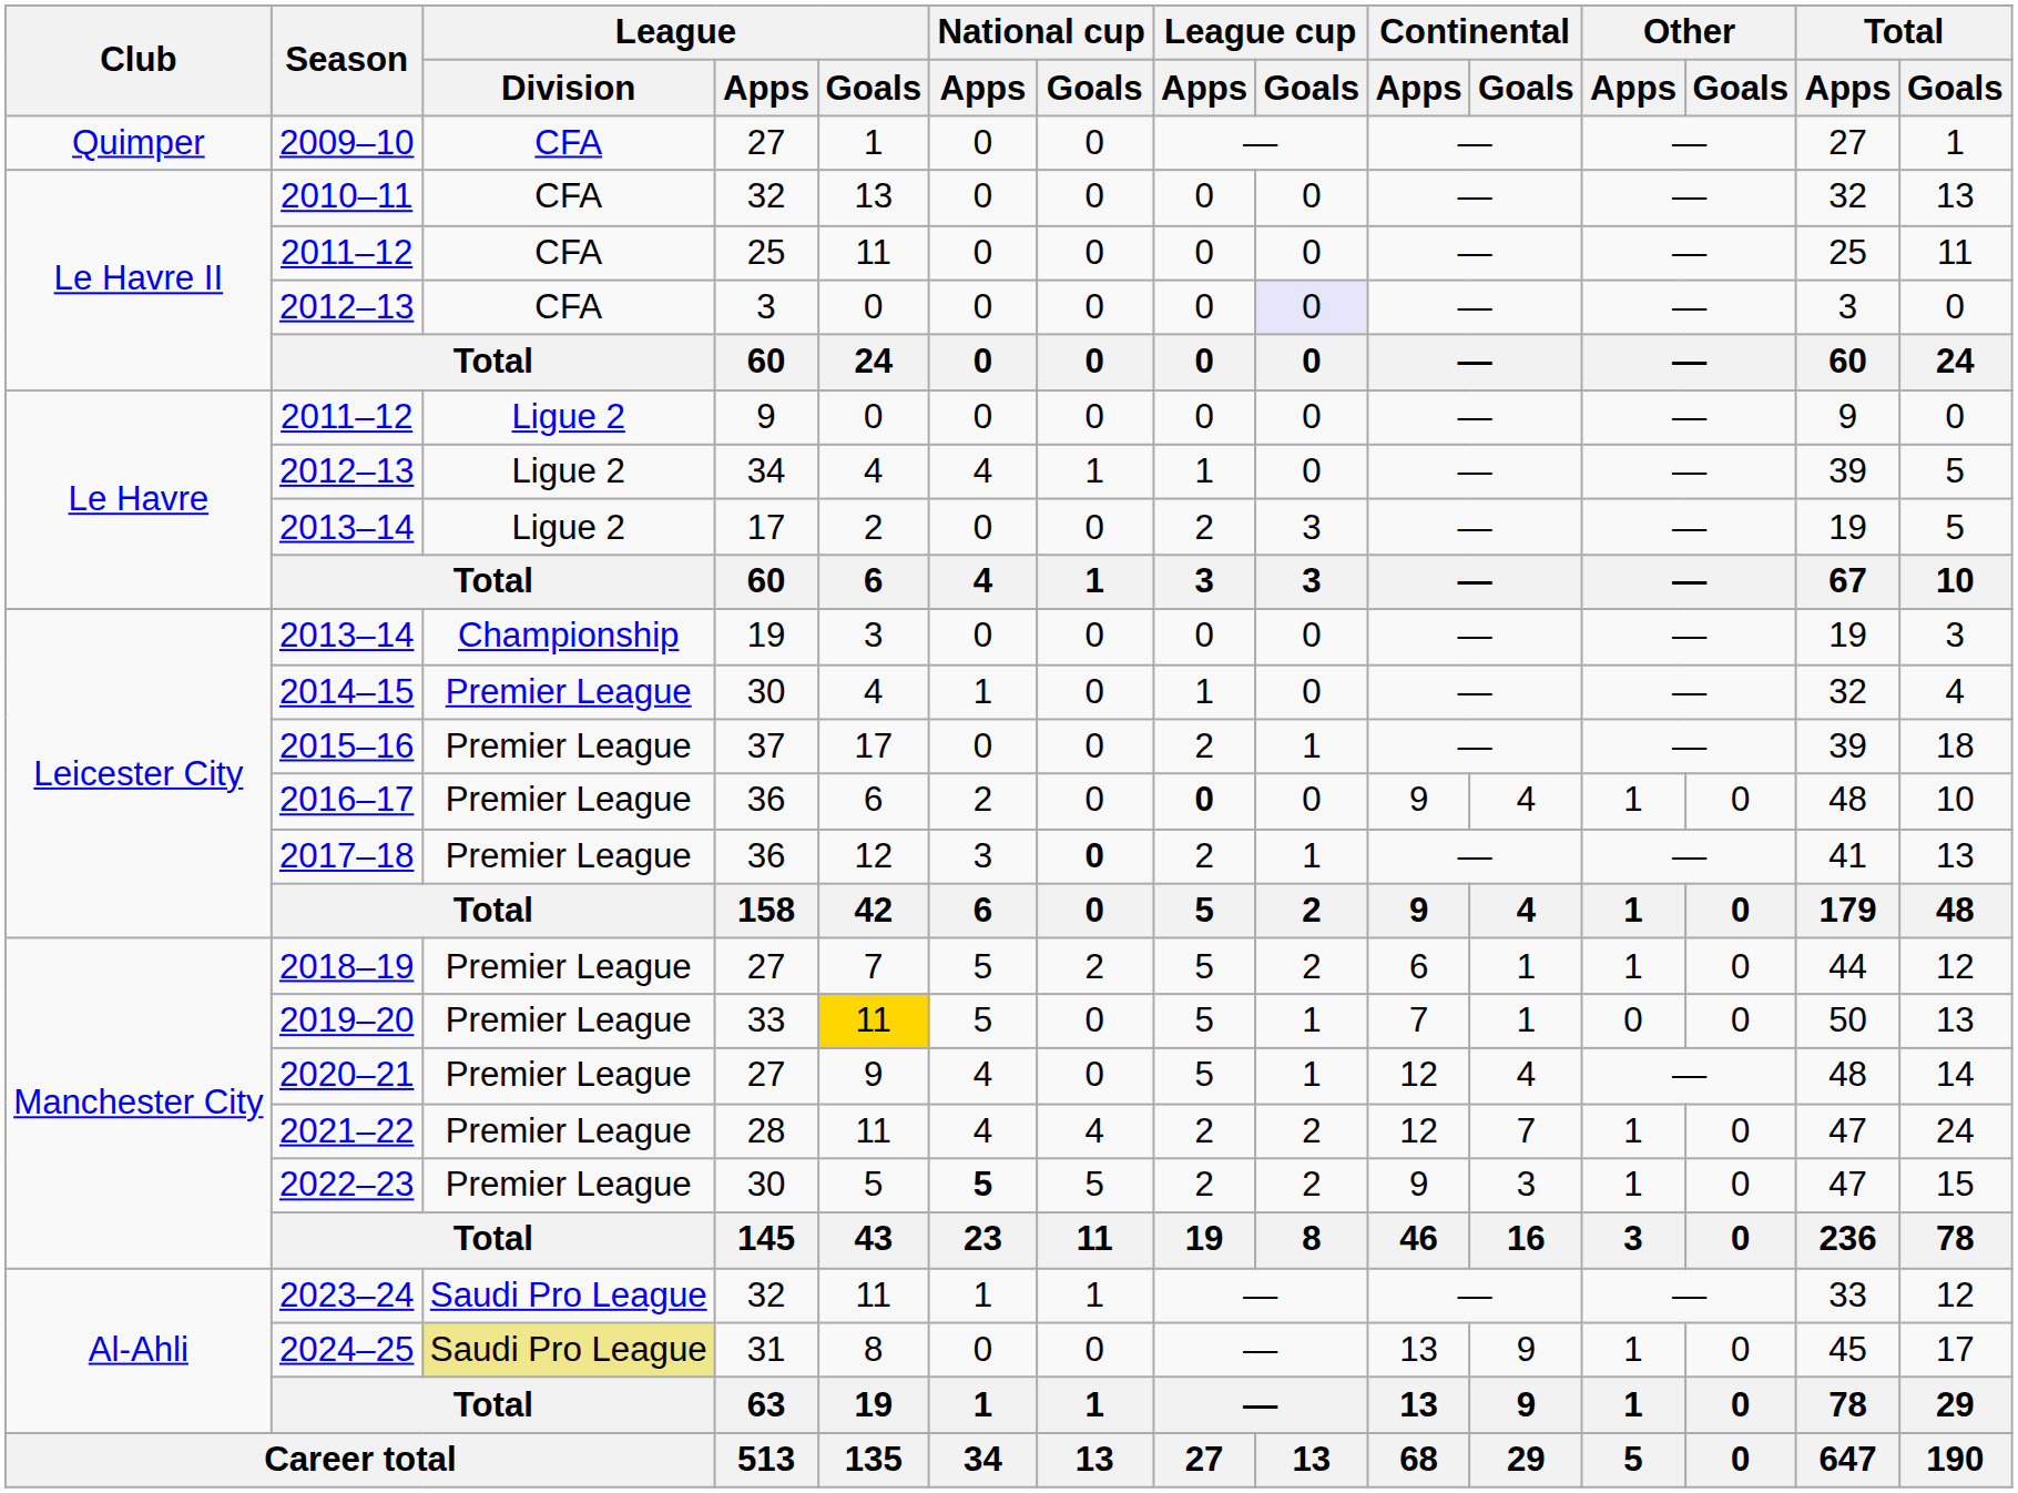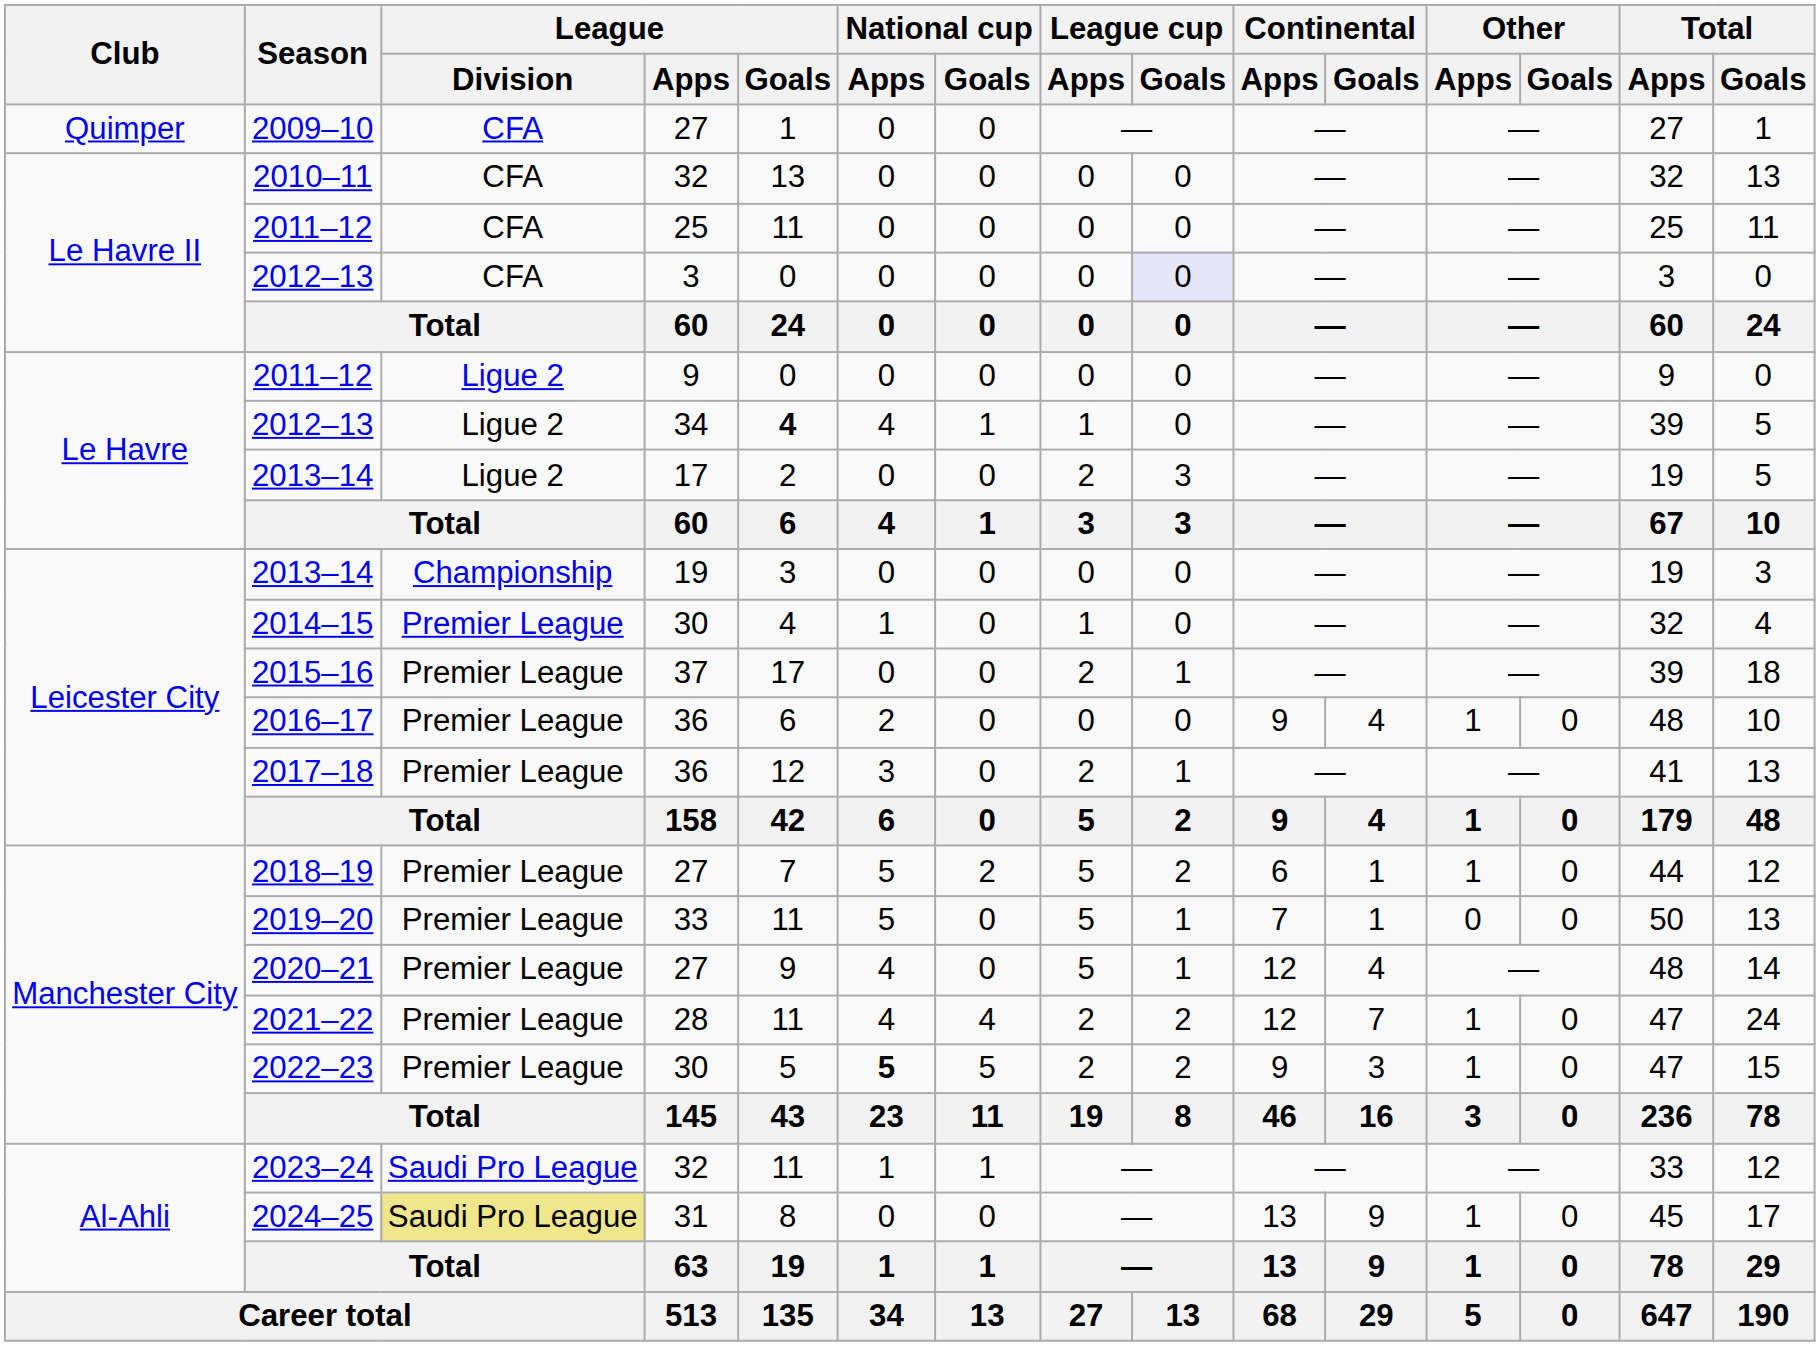 <table class="wikitable" style="text-align: center;">
 <tr>
 <th rowspan="2">Club</th>
 <th rowspan="2">Season</th>
 <th colspan="3">League</th>
 <th colspan="2">National cup</th>
 <th colspan="2">League cup</th>
 <th colspan="2">Continental</th>
 <th colspan="2">Other</th>
 <th colspan="2">Total</th>
 </tr>
 <tr>
 <th>Division</th>
 <th>Apps</th>
 <th>Goals</th>
 <th>Apps</th>
 <th>Goals</th>
 <th>Apps</th>
 <th>Goals</th>
 <th>Apps</th>
 <th>Goals</th>
 <th>Apps</th>
 <th>Goals</th>
 <th>Apps</th>
 <th>Goals</th>
 </tr>
 <tr>
 <td><a href='#'>Quimper</a></td>
 <td><a href='#'>2009–10</a></td>
 <td><a href='#'>CFA</a></td>
 <td>27</td>
 <td>1</td>
 <td>0</td>
 <td>0</td>
 <td colspan="2">—</td>
 <td colspan="2">—</td>
 <td colspan="2">—</td>
 <td>27</td>
 <td>1</td>
 </tr>
 <tr>
 <td rowspan="4"><a href='#'>Le Havre II</a></td>
 <td><a href='#'>2010–11</a></td>
 <td>CFA</td>
 <td>32</td>
 <td>13</td>
 <td>0</td>
 <td>0</td>
 <td>0</td>
 <td>0</td>
 <td colspan="2">—</td>
 <td colspan="2">—</td>
 <td>32</td>
 <td>13</td>
 </tr>
 <tr>
 <td><a href='#'>2011–12</a></td>
 <td>CFA</td>
 <td>25</td>
 <td>11</td>
 <td>0</td>
 <td>0</td>
 <td>0</td>
 <td>0</td>
 <td colspan="2">—</td>
 <td colspan="2">—</td>
 <td>25</td>
 <td>11</td>
 </tr>
 <tr>
 <td><a href='#'>2012–13</a></td>
 <td>CFA</td>
 <td>3</td>
 <td>0</td>
 <td>0</td>
 <td>0</td>
 <td>0</td>
 <td style="background: lavender;">0</td>
 <td colspan="2">—</td>
 <td colspan="2">—</td>
 <td>3</td>
 <td>0</td>
 </tr>
 <tr>
 <th colspan="2">Total</th>
 <th>60</th>
 <th>24</th>
 <th>0</th>
 <th>0</th>
 <th>0</th>
 <th>0</th>
 <th colspan="2">—</th>
 <th colspan="2">—</th>
 <th>60</th>
 <th>24</th>
 </tr>
 <tr>
 <td rowspan="4"><a href='#'>Le Havre</a></td>
 <td><a href='#'>2011–12</a></td>
 <td><a href='#'>Ligue 2</a></td>
 <td>9</td>
 <td>0</td>
 <td>0</td>
 <td>0</td>
 <td>0</td>
 <td>0</td>
 <td colspan="2">—</td>
 <td colspan="2">—</td>
 <td>9</td>
 <td>0</td>
 </tr>
 <tr>
 <td><a href='#'>2012–13</a></td>
 <td>Ligue 2</td>
 <td>34</td>
-<td>4</td>
+<td><strong>4</strong></td>
 <td>4</td>
 <td>1</td>
 <td>1</td>
 <td>0</td>
 <td colspan="2">—</td>
 <td colspan="2">—</td>
 <td>39</td>
 <td>5</td>
 </tr>
 <tr>
 <td><a href='#'>2013–14</a></td>
 <td>Ligue 2</td>
 <td>17</td>
 <td>2</td>
 <td>0</td>
 <td>0</td>
 <td>2</td>
 <td>3</td>
 <td colspan="2">—</td>
 <td colspan="2">—</td>
 <td>19</td>
 <td>5</td>
 </tr>
 <tr>
 <th colspan="2">Total</th>
 <th>60</th>
 <th>6</th>
 <th>4</th>
 <th>1</th>
 <th>3</th>
 <th>3</th>
 <th colspan="2">—</th>
 <th colspan="2">—</th>
 <th>67</th>
 <th>10</th>
 </tr>
 <tr>
 <td rowspan="6"><a href='#'>Leicester City</a></td>
 <td><a href='#'>2013–14</a></td>
 <td><a href='#'>Championship</a></td>
 <td>19</td>
 <td>3</td>
 <td>0</td>
 <td>0</td>
 <td>0</td>
 <td>0</td>
 <td colspan="2">—</td>
 <td colspan="2">—</td>
 <td>19</td>
 <td>3</td>
 </tr>
 <tr>
 <td><a href='#'>2014–15</a></td>
 <td><a href='#'>Premier League</a></td>
 <td>30</td>
 <td>4</td>
 <td>1</td>
 <td>0</td>
 <td>1</td>
 <td>0</td>
 <td colspan="2">—</td>
 <td colspan="2">—</td>
 <td>32</td>
 <td>4</td>
 </tr>
 <tr>
 <td><a href='#'>2015–16</a></td>
 <td>Premier League</td>
 <td>37</td>
 <td>17</td>
 <td>0</td>
 <td>0</td>
 <td>2</td>
 <td>1</td>
 <td colspan="2">—</td>
 <td colspan="2">—</td>
 <td>39</td>
 <td>18</td>
 </tr>
 <tr>
 <td><a href='#'>2016–17</a></td>
 <td>Premier League</td>
 <td>36</td>
 <td>6</td>
 <td>2</td>
 <td>0</td>
-<td><strong>0</strong></td>
+<td>0</td>
 <td>0</td>
 <td>9</td>
 <td>4</td>
 <td>1</td>
 <td>0</td>
 <td>48</td>
 <td>10</td>
 </tr>
 <tr>
 <td><a href='#'>2017–18</a></td>
 <td>Premier League</td>
 <td>36</td>
 <td>12</td>
 <td>3</td>
-<td><strong>0</strong></td>
+<td>0</td>
 <td>2</td>
 <td>1</td>
 <td colspan="2">—</td>
 <td colspan="2">—</td>
 <td>41</td>
 <td>13</td>
 </tr>
 <tr>
 <th colspan="2">Total</th>
 <th>158</th>
 <th>42</th>
 <th>6</th>
 <th>0</th>
 <th>5</th>
 <th>2</th>
 <th>9</th>
 <th>4</th>
 <th>1</th>
 <th>0</th>
 <th>179</th>
 <th>48</th>
 </tr>
 <tr>
 <td rowspan="6"><a href='#'>Manchester City</a></td>
 <td><a href='#'>2018–19</a></td>
 <td>Premier League</td>
 <td>27</td>
 <td>7</td>
 <td>5</td>
 <td>2</td>
 <td>5</td>
 <td>2</td>
 <td>6</td>
 <td>1</td>
 <td>1</td>
 <td>0</td>
 <td>44</td>
 <td>12</td>
 </tr>
 <tr>
 <td><a href='#'>2019–20</a></td>
 <td>Premier League</td>
 <td>33</td>
-<td style="background: gold;">11</td>
+<td>11</td>
 <td>5</td>
 <td>0</td>
 <td>5</td>
 <td>1</td>
 <td>7</td>
 <td>1</td>
 <td>0</td>
 <td>0</td>
 <td>50</td>
 <td>13</td>
 </tr>
 <tr>
 <td><a href='#'>2020–21</a></td>
 <td>Premier League</td>
 <td>27</td>
 <td>9</td>
 <td>4</td>
 <td>0</td>
 <td>5</td>
 <td>1</td>
 <td>12</td>
 <td>4</td>
 <td colspan="2">—</td>
 <td>48</td>
 <td>14</td>
 </tr>
 <tr>
 <td><a href='#'>2021–22</a></td>
 <td>Premier League</td>
 <td>28</td>
 <td>11</td>
 <td>4</td>
 <td>4</td>
 <td>2</td>
 <td>2</td>
 <td>12</td>
 <td>7</td>
 <td>1</td>
 <td>0</td>
 <td>47</td>
 <td>24</td>
 </tr>
 <tr>
 <td><a href='#'>2022–23</a></td>
 <td>Premier League</td>
 <td>30</td>
 <td>5</td>
 <td><strong>5</strong></td>
 <td>5</td>
 <td>2</td>
 <td>2</td>
 <td>9</td>
 <td>3</td>
 <td>1</td>
 <td>0</td>
 <td>47</td>
 <td>15</td>
 </tr>
 <tr>
 <th colspan="2">Total</th>
 <th>145</th>
 <th>43</th>
 <th>23</th>
 <th>11</th>
 <th>19</th>
 <th>8</th>
 <th>46</th>
 <th>16</th>
 <th>3</th>
 <th>0</th>
 <th>236</th>
 <th>78</th>
 </tr>
 <tr>
 <td rowspan="3"><a href='#'>Al-Ahli</a></td>
 <td><a href='#'>2023–24</a></td>
 <td><a href='#'>Saudi Pro League</a></td>
 <td>32</td>
 <td>11</td>
 <td>1</td>
 <td>1</td>
 <td colspan="2">—</td>
 <td colspan="2">—</td>
 <td colspan="2">—</td>
 <td>33</td>
 <td>12</td>
 </tr>
 <tr>
 <td><a href='#'>2024–25</a></td>
 <td style="background: khaki;">Saudi Pro League</td>
 <td>31</td>
 <td>8</td>
 <td>0</td>
 <td>0</td>
 <td colspan="2">—</td>
 <td>13</td>
 <td>9</td>
 <td>1</td>
 <td>0</td>
 <td>45</td>
 <td>17</td>
 </tr>
 <tr>
 <th colspan="2">Total</th>
 <th>63</th>
 <th>19</th>
 <th>1</th>
 <th>1</th>
 <th colspan="2">—</th>
 <th>13</th>
 <th>9</th>
 <th>1</th>
 <th>0</th>
 <th>78</th>
 <th>29</th>
 </tr>
 <tr>
 <th colspan="3">Career total</th>
 <th>513</th>
 <th>135</th>
 <th>34</th>
 <th>13</th>
 <th>27</th>
 <th>13</th>
 <th>68</th>
 <th>29</th>
 <th>5</th>
 <th>0</th>
 <th>647</th>
 <th>190</th>
 </tr>
 </table>
